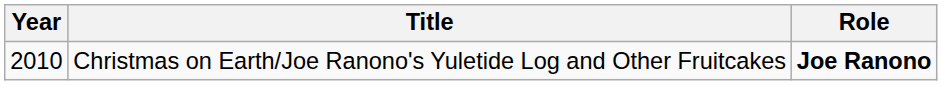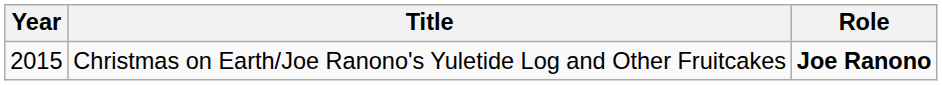 <table class="wikitable sortable">
 <tr>
 <th scope="col">Year</th>
 <th scope="col">Title</th>
 <th scope="col">Role</th>
 </tr>
 <tr>
-<td>2010</td>
+<td>2015</td>
 <td>Christmas on Earth/Joe Ranono's Yuletide Log and Other Fruitcakes</td>
 <td><strong>Joe Ranono</strong></td>
 </tr>
 </table>
